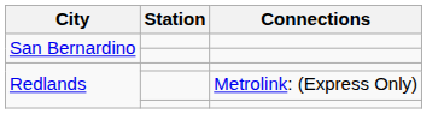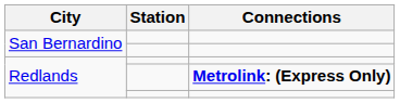 <table class="wikitable plainrowheaders sortable">
 <tr>
 <th>City</th>
 <th>Station</th>
 <th class="unsortable">Connections</th>
 </tr>
 <tr>
 <td rowspan="2"><a href='#'>San Bernardino</a></td>
 <td></td>
 <td></td>
 </tr>
 <tr>
 <td></td>
 <td></td>
 </tr>
 <tr>
 <td rowspan="3"><a href='#'>Redlands</a></td>
 <td></td>
 <td></td>
 </tr>
 <tr>
 <td></td>
-<td> <a href='#'>Metrolink</a>:  (Express Only)</td>
+<td><strong> <a href='#'>Metrolink</a>:  (Express Only)</strong></td>
 </tr>
 <tr>
 <td></td>
 <td></td>
 </tr>
 </table>
